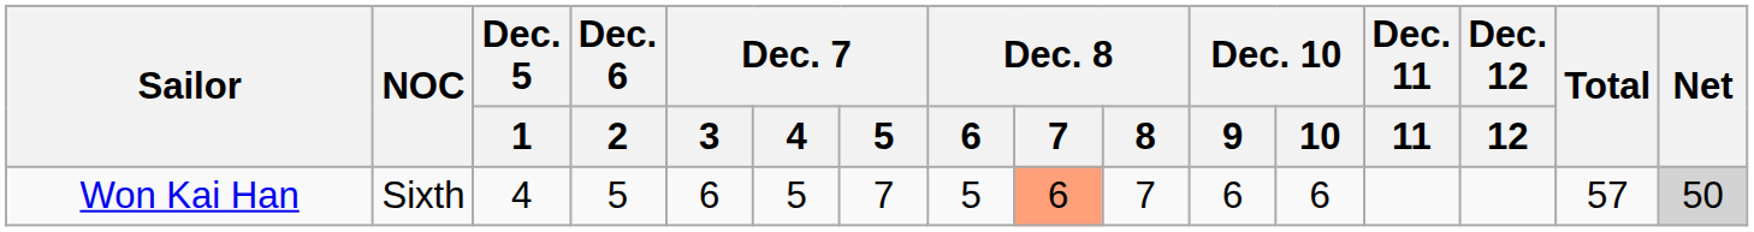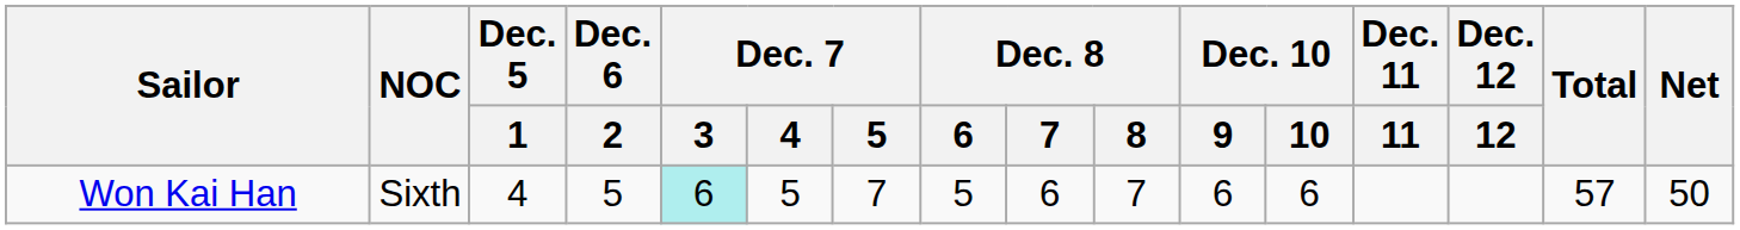 <table class=wikitable style="text-align:center">
 <tr>
 <th rowspan=2 width=150>Sailor</th>
 <th rowspan=2 width=10>NOC</th>
 <th colspan=1>Dec. 5</th>
 <th colspan=1>Dec. 6</th>
 <th colspan=3>Dec. 7</th>
 <th colspan=3>Dec. 8</th>
 <th colspan=2>Dec. 10</th>
 <th colspan=1>Dec. 11</th>
 <th colspan=1>Dec. 12</th>
 <th rowspan=2 width=30>Total</th>
 <th rowspan=2 width=30>Net</th>
 </tr>
 <tr>
 <th width=30>1</th>
 <th width=30>2</th>
 <th width=30>3</th>
 <th width=30>4</th>
 <th width=30>5</th>
 <th width=30>6</th>
 <th width=30>7</th>
 <th width=30>8</th>
 <th width=30>9</th>
 <th width=30>10</th>
 <th width=30>11</th>
 <th width=30>12</th>
 </tr>
 <tr>
 <td><a href='#'>Won Kai Han</a></td>
 <td>Sixth</td>
 <td>4</td>
 <td>5</td>
-<td>6</td>
+<td style="background: paleturquoise;">6</td>
 <td>5</td>
 <td>7</td>
 <td>5</td>
-<td style="background: lightsalmon;">6</td>
+<td>6</td>
 <td>7</td>
 <td>6</td>
 <td>6</td>
 <td></td>
 <td></td>
 <td>57</td>
-<td style="background: lightgrey;">50</td>
+<td>50</td>
 </tr>
 </table>
